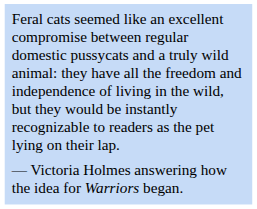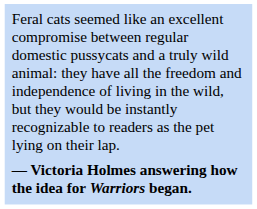 <table class="toccolours" style="float: right; margin-left: 1em; margin-right: .5em; font-size: 85%; background:#c6dbf7; color:black; width:20em; max-width: 25%;" cellspacing="5">
 <tr>
 <td style="text-align: left;">Feral cats seemed like an excellent compromise between regular domestic pussycats and a truly wild animal: they have all the freedom and independence of living in the wild, but they would be instantly recognizable to readers as the pet lying on their lap.</td>
 </tr>
 <tr>
-<td style="text-align: left;">— Victoria Holmes answering how the idea for <em>Warriors</em> began.</td>
+<td style="text-align: left;"><strong>— Victoria Holmes answering how the idea for <em>Warriors</em> began.</strong></td>
 </tr>
 </table>
